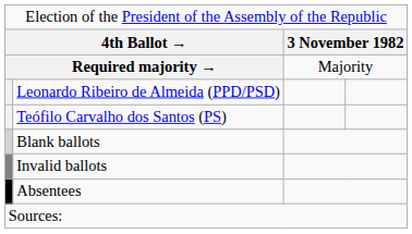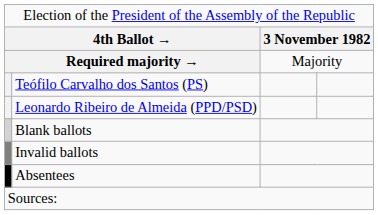 <table class="wikitable" style="text-align:center;">
 <tr>
 <td colspan="4" align="center">Election of the <a href='#'>President of the Assembly of the Republic</a></td>
 </tr>
 <tr>
 <th colspan="2" width="225px">4th Ballot →</th>
 <th colspan="2">3 November 1982</th>
 </tr>
 <tr>
 <th colspan="2">Required majority →</th>
 <td colspan="2">Majority</td>
 </tr>
 <tr>
 <th width="1px" style="background:"></th>
-<td align="left"><a href='#'>Leonardo Ribeiro de Almeida</a> (<a href='#'>PPD/PSD</a>)</td>
+<td align="left"><a href='#'>Teófilo Carvalho dos Santos</a> (<a href='#'>PS</a>)</td>
 <td></td>
 <td></td>
 </tr>
 <tr>
 <th width="1px" style="background:"></th>
-<td align="left"><a href='#'>Teófilo Carvalho dos Santos</a> (<a href='#'>PS</a>)</td>
+<td align="left"><a href='#'>Leonardo Ribeiro de Almeida</a> (<a href='#'>PPD/PSD</a>)</td>
 <td></td>
 <td></td>
 </tr>
 <tr>
 <th style="background:lightgray;"></th>
 <td align="left">Blank ballots</td>
 <td colspan="2"></td>
 </tr>
 <tr>
 <th style="background:gray;"></th>
 <td align="left">Invalid ballots</td>
 <td colspan="2"></td>
 </tr>
 <tr>
 <th style="background:black;"></th>
 <td align="left">Absentees</td>
 <td colspan="2"></td>
 </tr>
 <tr>
 <td align="left" colspan="4">Sources: </td>
 </tr>
 </table>
